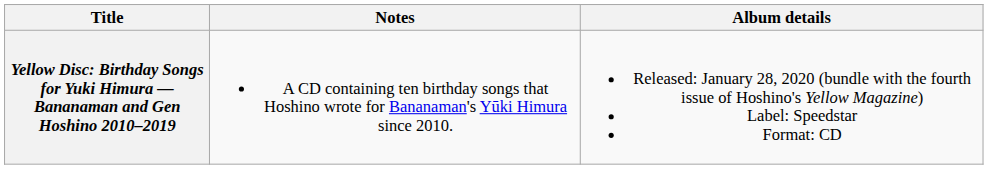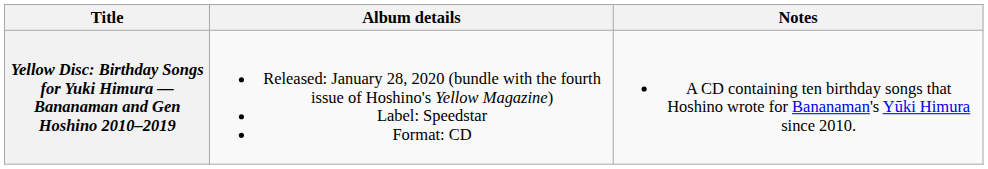 <table class="wikitable plainrowheaders" style="text-align:center;">
 <tr>
 <th scope="col" style="width:12em;">Title</th>
+<th scope="col" style="width:24em;">Album details</th>
 <th scope="col" style="width:22em;">Notes</th>
-<th scope="col" style="width:24em;">Album details</th>
 </tr>
 <tr>
 <th scope="row"><em>Yellow Disc: Birthday Songs for Yuki Himura — Bananaman and Gen Hoshino 2010–2019</em></th>
+<td><br><ul><li>Released: January 28, 2020 (bundle with the fourth issue of Hoshino's <em>Yellow Magazine</em>)</li><li>Label: Speedstar</li><li>Format: CD</li></ul></td>
 <td><br><ul><li>A CD containing ten birthday songs that Hoshino wrote for <a href='#'>Bananaman</a>'s <a href='#'>Yūki Himura</a> since 2010.</li></ul></td>
-<td><br><ul><li>Released: January 28, 2020 (bundle with the fourth issue of Hoshino's <em>Yellow Magazine</em>)</li><li>Label: Speedstar</li><li>Format: CD</li></ul></td>
 </tr>
 </table>
